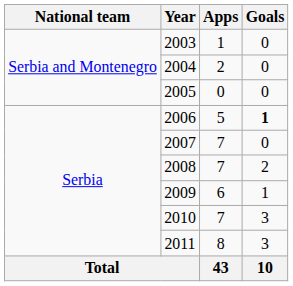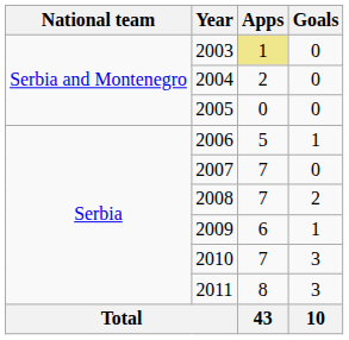 <table class="wikitable" style="text-align:center">
 <tr>
 <th>National team</th>
 <th>Year</th>
 <th>Apps</th>
 <th>Goals</th>
 </tr>
 <tr>
 <td rowspan="3" style="vertical-align:center"><a href='#'>Serbia and Montenegro</a></td>
 <td>2003</td>
-<td>1</td>
+<td style="background: khaki;">1</td>
 <td>0</td>
 </tr>
 <tr>
 <td>2004</td>
 <td>2</td>
 <td>0</td>
 </tr>
 <tr>
 <td>2005</td>
 <td>0</td>
 <td>0</td>
 </tr>
 <tr>
 <td rowspan="6" style="vertical-align:center"><a href='#'>Serbia</a></td>
 <td>2006</td>
 <td>5</td>
-<td><strong>1</strong></td>
+<td>1</td>
 </tr>
 <tr>
 <td>2007</td>
 <td>7</td>
 <td>0</td>
 </tr>
 <tr>
 <td>2008</td>
 <td>7</td>
 <td>2</td>
 </tr>
 <tr>
 <td>2009</td>
 <td>6</td>
 <td>1</td>
 </tr>
 <tr>
 <td>2010</td>
 <td>7</td>
 <td>3</td>
 </tr>
 <tr>
 <td>2011</td>
 <td>8</td>
 <td>3</td>
 </tr>
 <tr>
 <th colspan="2">Total</th>
 <th>43</th>
 <th>10</th>
 </tr>
 </table>
